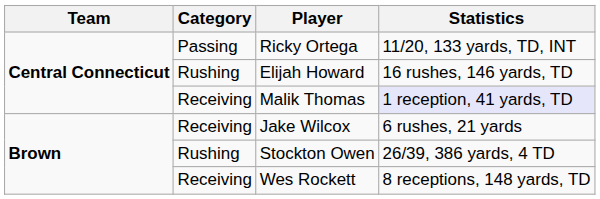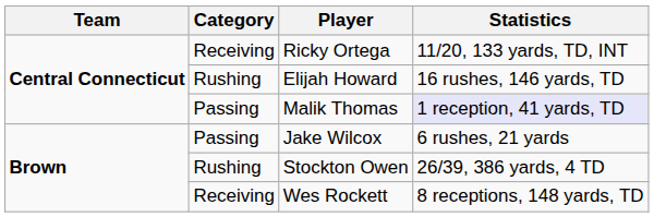 <table class="wikitable" style="float: left;">
 <tr>
 <th>Team</th>
 <th>Category</th>
 <th>Player</th>
 <th>Statistics</th>
 </tr>
 <tr>
 <td rowspan=3><strong>Central Connecticut</strong></td>
-<td>Passing</td>
+<td>Receiving</td>
 <td>Ricky Ortega</td>
 <td>11/20, 133 yards, TD, INT</td>
 </tr>
 <tr>
 <td>Rushing</td>
 <td>Elijah Howard</td>
 <td>16 rushes, 146 yards, TD</td>
 </tr>
 <tr>
-<td>Receiving</td>
+<td>Passing</td>
 <td>Malik Thomas</td>
 <td style="background: lavender;">1 reception, 41 yards, TD</td>
 </tr>
 <tr>
 <td rowspan=3><strong>Brown</strong></td>
-<td>Receiving</td>
+<td>Passing</td>
 <td>Jake Wilcox</td>
 <td>6 rushes, 21 yards</td>
 </tr>
 <tr>
 <td>Rushing</td>
 <td>Stockton Owen</td>
 <td>26/39, 386 yards, 4 TD</td>
 </tr>
 <tr>
 <td>Receiving</td>
 <td>Wes Rockett</td>
 <td>8 receptions, 148 yards, TD</td>
 </tr>
 </table>
